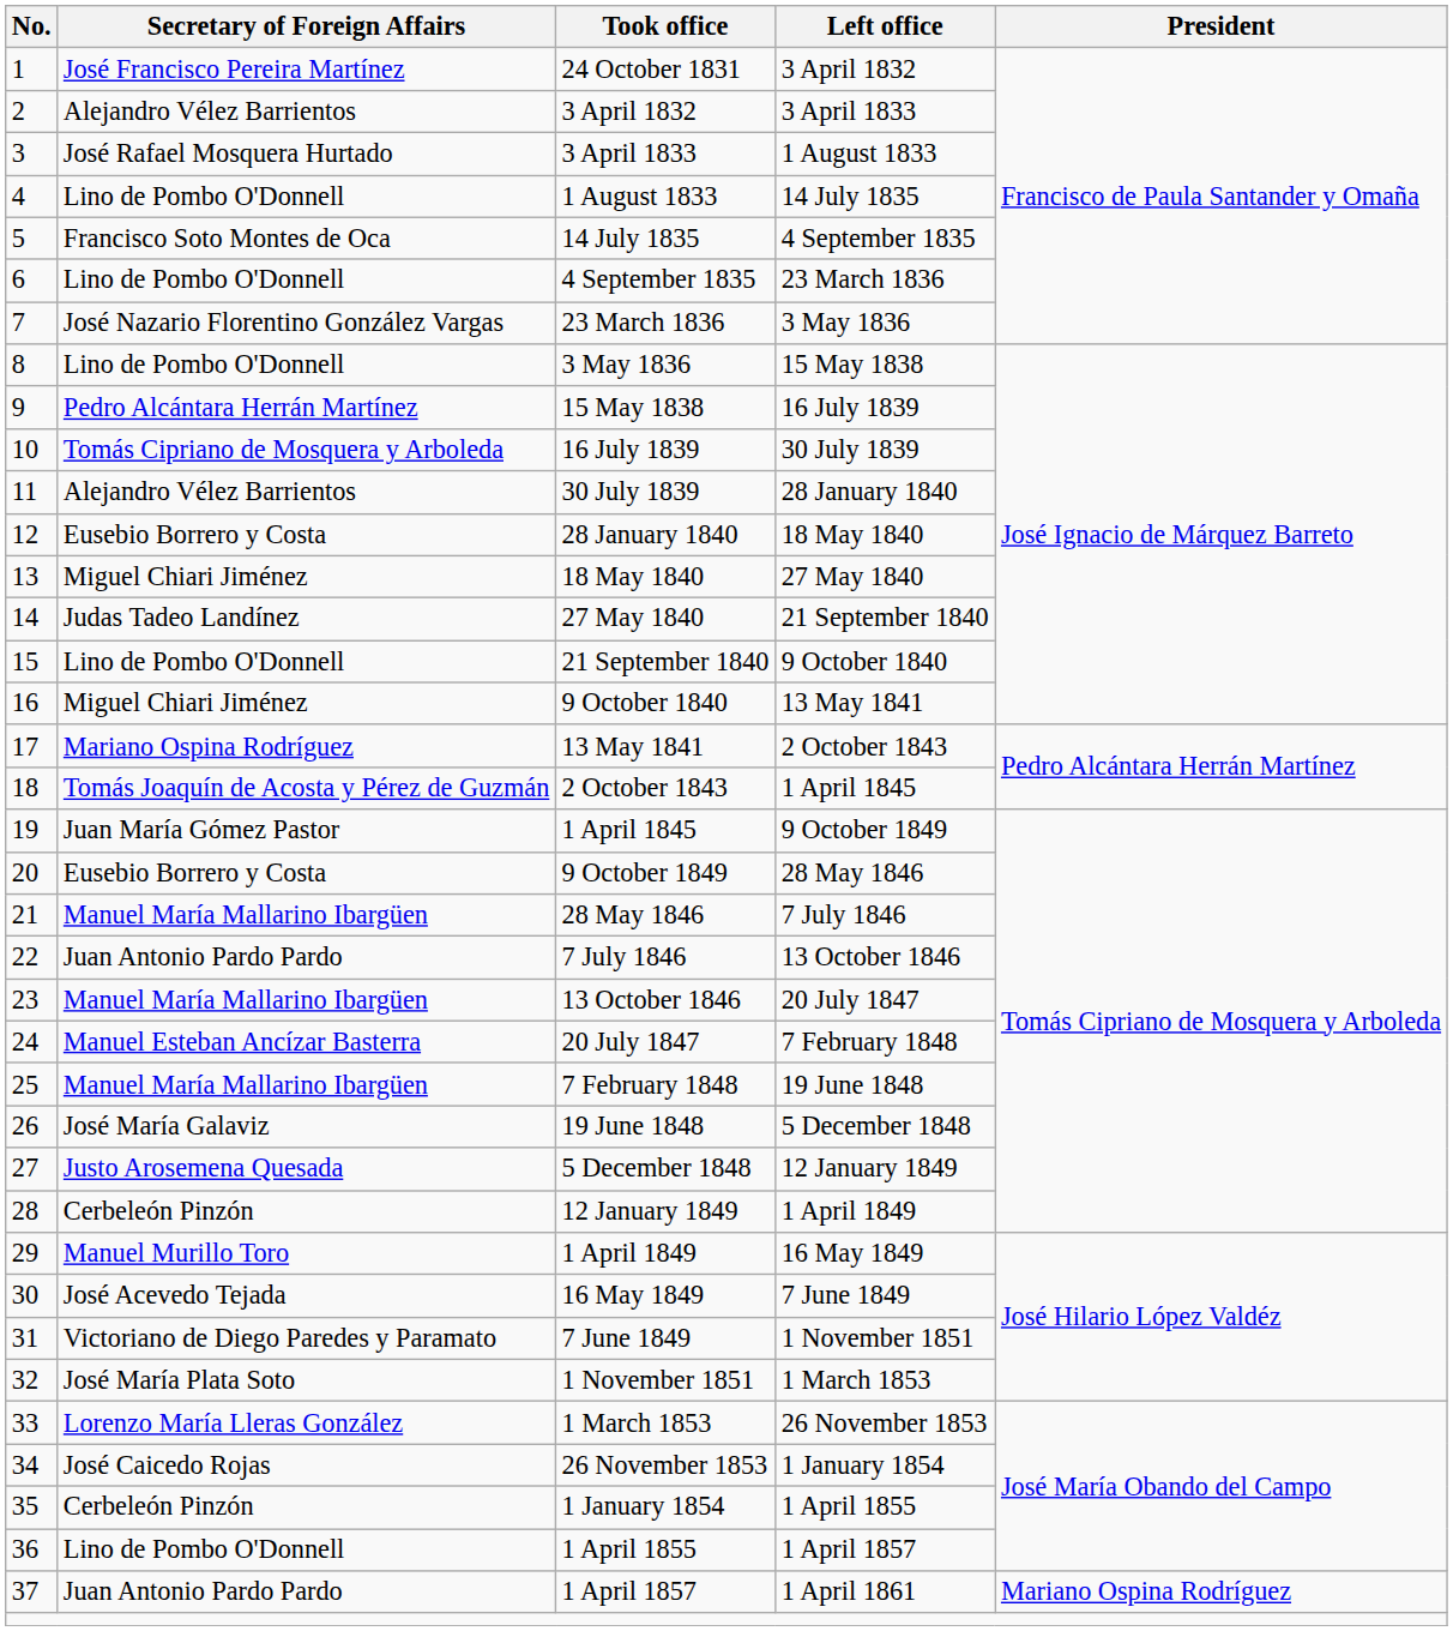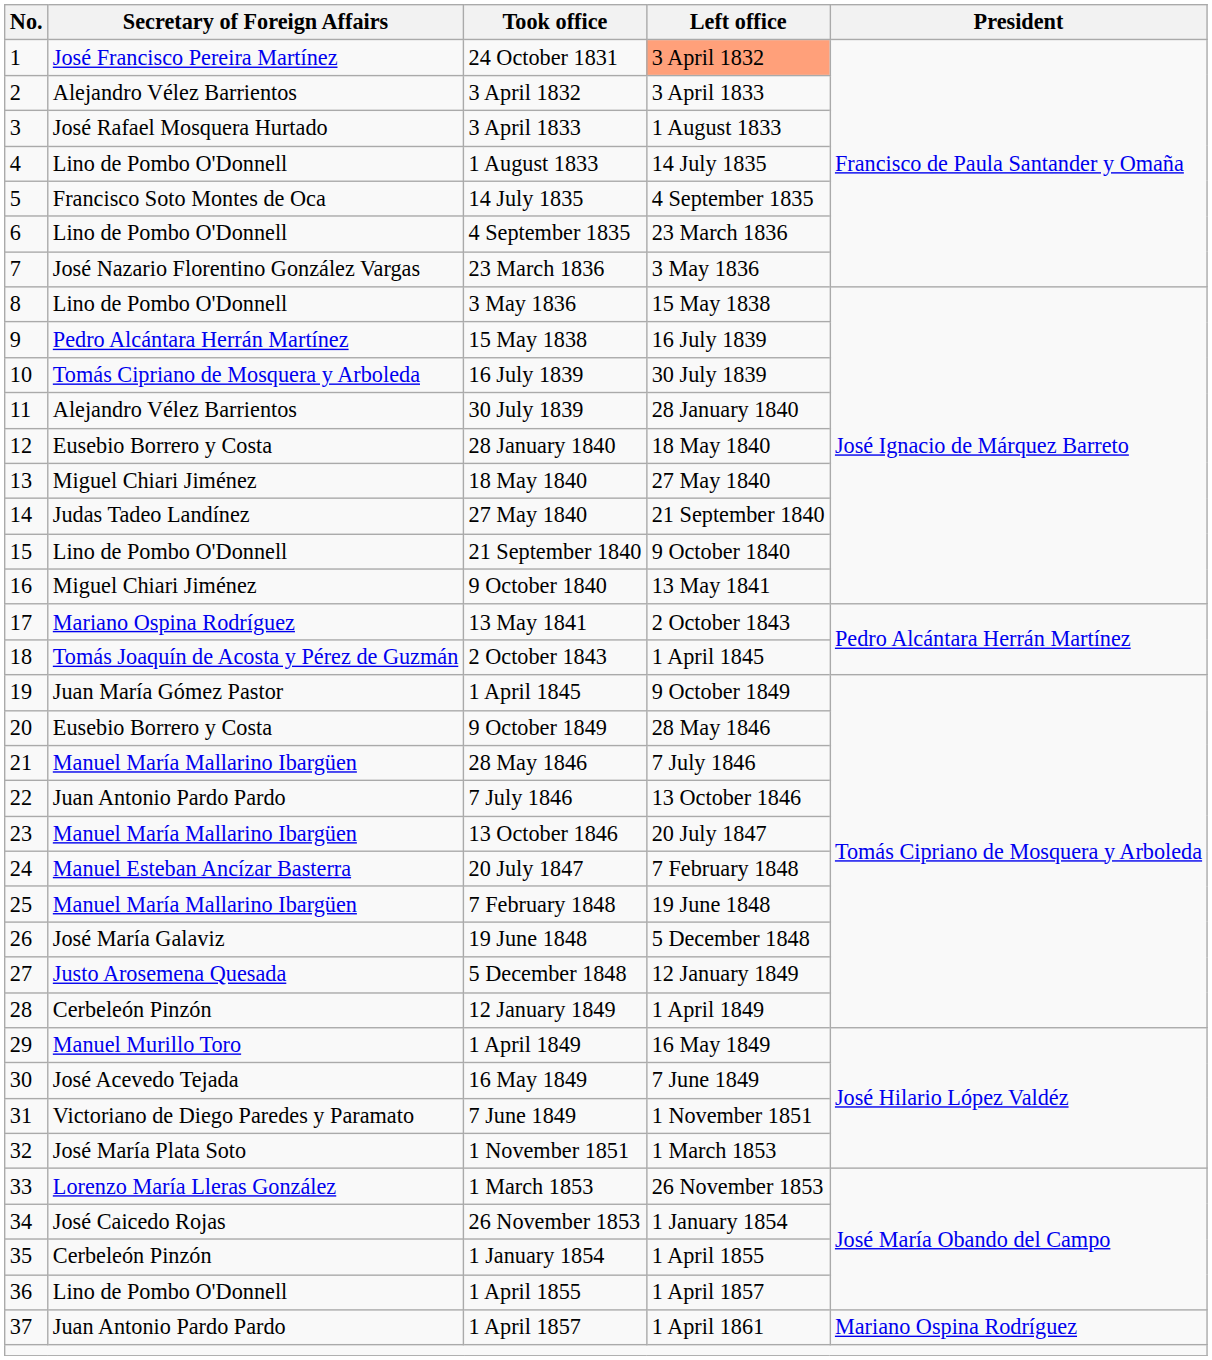 <table class="wikitable">
 <tr>
 <th>No.</th>
 <th>Secretary of Foreign Affairs</th>
 <th>Took office</th>
 <th>Left office</th>
 <th>President</th>
 </tr>
 <tr>
 <td>1</td>
 <td><a href='#'>José Francisco Pereira Martínez</a></td>
 <td>24 October 1831</td>
-<td>3 April 1832</td>
+<td style="background: lightsalmon;">3 April 1832</td>
 <td rowspan="7"><a href='#'>Francisco de Paula Santander y Omaña</a></td>
 </tr>
 <tr>
 <td>2</td>
 <td>Alejandro Vélez Barrientos</td>
 <td>3 April 1832</td>
 <td>3 April 1833</td>
 </tr>
 <tr>
 <td>3</td>
 <td>José Rafael Mosquera Hurtado</td>
 <td>3 April 1833</td>
 <td>1 August 1833</td>
 </tr>
 <tr>
 <td>4</td>
 <td>Lino de Pombo O'Donnell</td>
 <td>1 August 1833</td>
 <td>14 July 1835</td>
 </tr>
 <tr>
 <td>5</td>
 <td>Francisco Soto Montes de Oca</td>
 <td>14 July 1835</td>
 <td>4 September 1835</td>
 </tr>
 <tr>
 <td>6</td>
 <td>Lino de Pombo O'Donnell</td>
 <td>4 September 1835</td>
 <td>23 March 1836</td>
 </tr>
 <tr>
 <td>7</td>
 <td>José Nazario Florentino González Vargas</td>
 <td>23 March 1836</td>
 <td>3 May 1836</td>
 </tr>
 <tr>
 <td>8</td>
 <td>Lino de Pombo O'Donnell</td>
 <td>3 May 1836</td>
 <td>15 May 1838</td>
 <td rowspan="9"><a href='#'>José Ignacio de Márquez Barreto</a></td>
 </tr>
 <tr>
 <td>9</td>
 <td><a href='#'>Pedro Alcántara Herrán Martínez</a></td>
 <td>15 May 1838</td>
 <td>16 July 1839</td>
 </tr>
 <tr>
 <td>10</td>
 <td><a href='#'>Tomás Cipriano de Mosquera y Arboleda</a></td>
 <td>16 July 1839</td>
 <td>30 July 1839</td>
 </tr>
 <tr>
 <td>11</td>
 <td>Alejandro Vélez Barrientos</td>
 <td>30 July 1839</td>
 <td>28 January 1840</td>
 </tr>
 <tr>
 <td>12</td>
 <td>Eusebio Borrero y Costa</td>
 <td>28 January 1840</td>
 <td>18 May 1840</td>
 </tr>
 <tr>
 <td>13</td>
 <td>Miguel Chiari Jiménez</td>
 <td>18 May 1840</td>
 <td>27 May 1840</td>
 </tr>
 <tr>
 <td>14</td>
 <td>Judas Tadeo Landínez</td>
 <td>27 May 1840</td>
 <td>21 September 1840</td>
 </tr>
 <tr>
 <td>15</td>
 <td>Lino de Pombo O'Donnell</td>
 <td>21 September 1840</td>
 <td>9 October 1840</td>
 </tr>
 <tr>
 <td>16</td>
 <td>Miguel Chiari Jiménez</td>
 <td>9 October 1840</td>
 <td>13 May 1841</td>
 </tr>
 <tr>
 <td>17</td>
 <td><a href='#'>Mariano Ospina Rodríguez</a></td>
 <td>13 May 1841</td>
 <td>2 October 1843</td>
 <td rowspan="2"><a href='#'>Pedro Alcántara Herrán Martínez</a></td>
 </tr>
 <tr>
 <td>18</td>
 <td><a href='#'>Tomás Joaquín de Acosta y Pérez de Guzmán</a></td>
 <td>2 October 1843</td>
 <td>1 April 1845</td>
 </tr>
 <tr>
 <td>19</td>
 <td>Juan María Gómez Pastor</td>
 <td>1 April 1845</td>
 <td>9 October 1849</td>
 <td rowspan="10"><a href='#'>Tomás Cipriano de Mosquera y Arboleda</a></td>
 </tr>
 <tr>
 <td>20</td>
 <td>Eusebio Borrero y Costa</td>
 <td>9 October 1849</td>
 <td>28 May 1846</td>
 </tr>
 <tr>
 <td>21</td>
 <td><a href='#'>Manuel María Mallarino Ibargüen</a></td>
 <td>28 May 1846</td>
 <td>7 July 1846</td>
 </tr>
 <tr>
 <td>22</td>
 <td>Juan Antonio Pardo Pardo</td>
 <td>7 July 1846</td>
 <td>13 October 1846</td>
 </tr>
 <tr>
 <td>23</td>
 <td><a href='#'>Manuel María Mallarino Ibargüen</a></td>
 <td>13 October 1846</td>
 <td>20 July 1847</td>
 </tr>
 <tr>
 <td>24</td>
 <td><a href='#'>Manuel Esteban Ancízar Basterra</a></td>
 <td>20 July 1847</td>
 <td>7 February 1848</td>
 </tr>
 <tr>
 <td>25</td>
 <td><a href='#'>Manuel María Mallarino Ibargüen</a></td>
 <td>7 February 1848</td>
 <td>19 June 1848</td>
 </tr>
 <tr>
 <td>26</td>
 <td>José María Galaviz</td>
 <td>19 June 1848</td>
 <td>5 December 1848</td>
 </tr>
 <tr>
 <td>27</td>
 <td><a href='#'>Justo Arosemena Quesada</a></td>
 <td>5 December 1848</td>
 <td>12 January 1849</td>
 </tr>
 <tr>
 <td>28</td>
 <td>Cerbeleón Pinzón</td>
 <td>12 January 1849</td>
 <td>1 April 1849</td>
 </tr>
 <tr>
 <td>29</td>
 <td><a href='#'>Manuel Murillo Toro</a></td>
 <td>1 April 1849</td>
 <td>16 May 1849</td>
 <td rowspan="4"><a href='#'>José Hilario López Valdéz</a></td>
 </tr>
 <tr>
 <td>30</td>
 <td>José Acevedo Tejada</td>
 <td>16 May 1849</td>
 <td>7 June 1849</td>
 </tr>
 <tr>
 <td>31</td>
 <td>Victoriano de Diego Paredes y Paramato</td>
 <td>7 June 1849</td>
 <td>1 November 1851</td>
 </tr>
 <tr>
 <td>32</td>
 <td>José María Plata Soto</td>
 <td>1 November 1851</td>
 <td>1 March 1853</td>
 </tr>
 <tr>
 <td>33</td>
 <td><a href='#'>Lorenzo María Lleras González</a></td>
 <td>1 March 1853</td>
 <td>26 November 1853</td>
 <td rowspan="4"><a href='#'>José María Obando del Campo</a></td>
 </tr>
 <tr>
 <td>34</td>
 <td>José Caicedo Rojas</td>
 <td>26 November 1853</td>
 <td>1 January 1854</td>
 </tr>
 <tr>
 <td>35</td>
 <td>Cerbeleón Pinzón</td>
 <td>1 January 1854</td>
 <td>1 April 1855</td>
 </tr>
 <tr>
 <td>36</td>
 <td>Lino de Pombo O'Donnell</td>
 <td>1 April 1855</td>
 <td>1 April 1857</td>
 </tr>
 <tr>
 <td>37</td>
 <td>Juan Antonio Pardo Pardo</td>
 <td>1 April 1857</td>
 <td>1 April 1861</td>
 <td><a href='#'>Mariano Ospina Rodríguez</a></td>
 </tr>
 <tr>
 <td colspan="5" ! style="text-align: center;"></td>
 </tr>
 </table>
